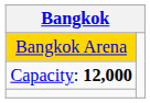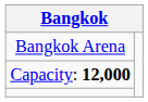 <table class="wikitable" style="margin:1em auto; text-align:center;">
 <tr>
 <th colspan=2><a href='#'>Bangkok</a></th>
 </tr>
 <tr>
-<td style="background: gold;"><a href='#'>Bangkok Arena</a></td>
+<td><a href='#'>Bangkok Arena</a></td>
 <td rowspan=3></td>
 </tr>
 <tr>
 <td><a href='#'>Capacity</a>: <strong>12,000</strong></td>
 </tr>
 <tr>
 <td></td>
 </tr>
 </table>
